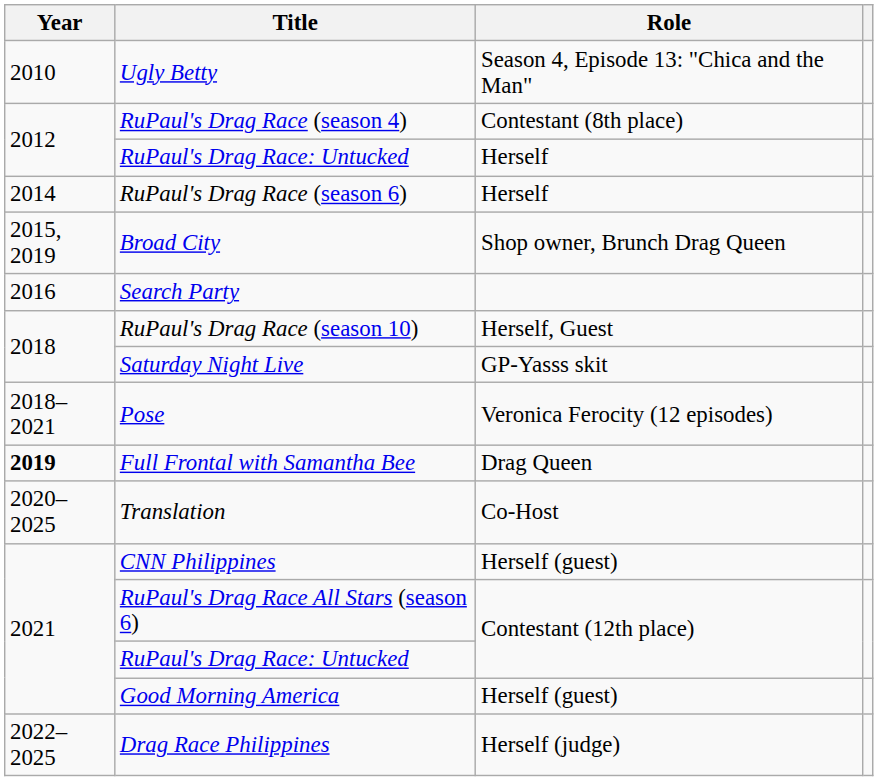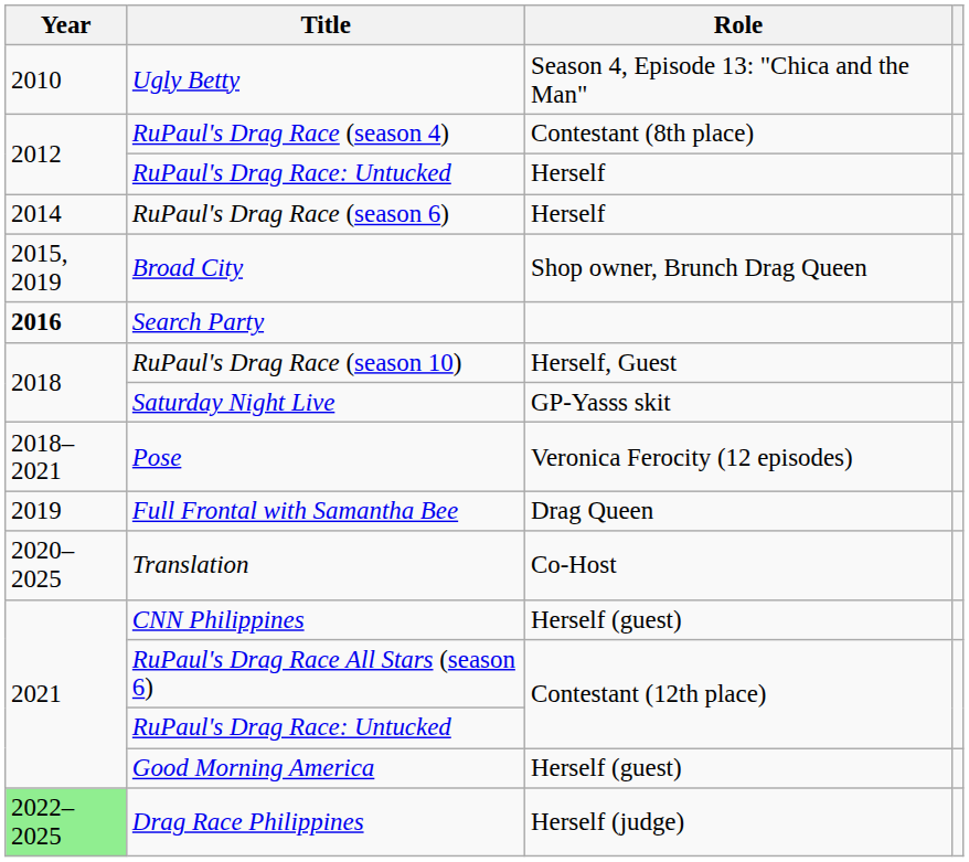 <table class="wikitable plainrowheaders" style="text-align:left;">
 <tr>
 <th>Year</th>
 <th>Title</th>
 <th>Role</th>
 <th></th>
 </tr>
 <tr>
 <td>2010</td>
 <td><em><a href='#'>Ugly Betty</a></em></td>
 <td>Season 4, Episode 13: "Chica and the Man"</td>
 <td></td>
 </tr>
 <tr>
 <td rowspan="2">2012</td>
 <td><em><a href='#'>RuPaul's Drag Race</a></em> (<a href='#'>season 4</a>)</td>
 <td>Contestant (8th place)</td>
 <td></td>
 </tr>
 <tr>
 <td><em><a href='#'>RuPaul's Drag Race: Untucked</a></em></td>
 <td>Herself</td>
 <td></td>
 </tr>
 <tr>
 <td>2014</td>
 <td><em>RuPaul's Drag Race</em> (<a href='#'>season 6</a>)</td>
 <td>Herself</td>
 <td></td>
 </tr>
 <tr>
 <td>2015, 2019</td>
 <td><em><a href='#'>Broad City</a></em></td>
 <td>Shop owner, Brunch Drag Queen</td>
 <td></td>
 </tr>
 <tr>
-<td>2016</td>
+<td><strong>2016</strong></td>
 <td><em><a href='#'>Search Party</a></em></td>
 <td></td>
 <td></td>
 </tr>
 <tr>
 <td rowspan="2">2018</td>
 <td><em>RuPaul's Drag Race</em> (<a href='#'>season 10</a>)</td>
 <td>Herself, Guest</td>
 <td></td>
 </tr>
 <tr>
 <td><em><a href='#'>Saturday Night Live</a></em></td>
 <td>GP-Yasss skit</td>
 <td></td>
 </tr>
 <tr>
 <td>2018–2021</td>
 <td><em><a href='#'>Pose</a></em></td>
 <td>Veronica Ferocity (12 episodes)</td>
 <td></td>
 </tr>
 <tr>
-<td><strong>2019</strong></td>
+<td>2019</td>
 <td><em><a href='#'>Full Frontal with Samantha Bee</a></em></td>
 <td>Drag Queen</td>
 <td></td>
 </tr>
 <tr>
 <td>2020–2025</td>
 <td><em>Translation</em></td>
 <td>Co-Host</td>
 <td></td>
 </tr>
 <tr>
 <td rowspan="4">2021</td>
 <td><em><a href='#'>CNN Philippines</a></em></td>
 <td>Herself (guest)</td>
 <td></td>
 </tr>
 <tr>
 <td><em><a href='#'>RuPaul's Drag Race All Stars</a></em> (<a href='#'>season 6</a>)</td>
 <td rowspan="2">Contestant (12th place)</td>
 <td rowspan=2></td>
 </tr>
 <tr>
 <td scope="row"><em><a href='#'>RuPaul's Drag Race: Untucked</a></em></td>
 </tr>
 <tr>
 <td><em><a href='#'>Good Morning America</a></em></td>
 <td>Herself (guest)</td>
 <td></td>
 </tr>
 <tr>
-<td>2022–2025</td>
+<td style="background: lightgreen;">2022–2025</td>
 <td><em><a href='#'>Drag Race Philippines</a></em></td>
 <td>Herself (judge)</td>
 <td></td>
 </tr>
 </table>
